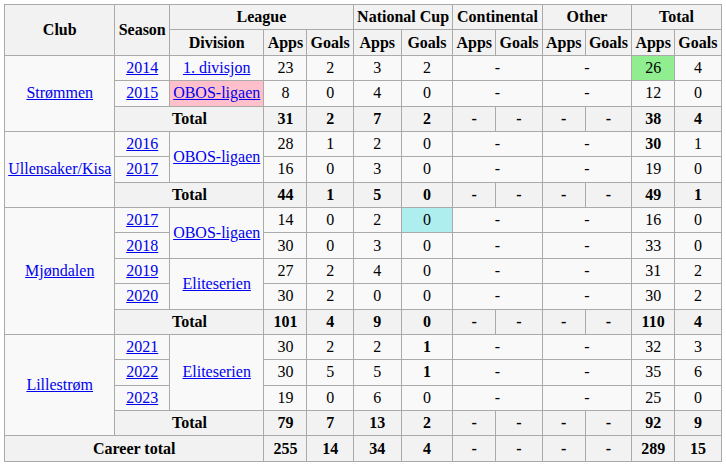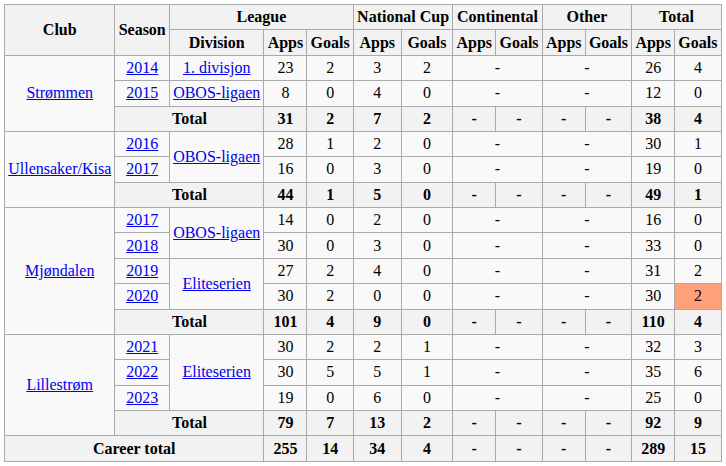 <table class="wikitable" style="text-align: center;">
 <tr>
 <th rowspan="2">Club</th>
 <th rowspan="2">Season</th>
 <th colspan="3">League</th>
 <th colspan="2">National Cup</th>
 <th colspan="2">Continental</th>
 <th colspan="2">Other</th>
 <th colspan="2">Total</th>
 </tr>
 <tr>
 <th>Division</th>
 <th>Apps</th>
 <th>Goals</th>
 <th>Apps</th>
 <th>Goals</th>
 <th>Apps</th>
 <th>Goals</th>
 <th>Apps</th>
 <th>Goals</th>
 <th>Apps</th>
 <th>Goals</th>
 </tr>
 <tr>
 <td rowspan="3"><a href='#'>Strømmen</a></td>
 <td><a href='#'>2014</a></td>
 <td rowspan="1"><a href='#'>1. divisjon</a></td>
 <td>23</td>
 <td>2</td>
 <td>3</td>
 <td>2</td>
 <td colspan="2">-</td>
 <td colspan="2">-</td>
-<td style="background: lightgreen;">26</td>
+<td>26</td>
 <td>4</td>
 </tr>
 <tr>
 <td><a href='#'>2015</a></td>
-<td rowspan="1" style="background: pink;"><a href='#'>OBOS-ligaen</a></td>
+<td rowspan="1"><a href='#'>OBOS-ligaen</a></td>
 <td>8</td>
 <td>0</td>
 <td>4</td>
 <td>0</td>
 <td colspan="2">-</td>
 <td colspan="2">-</td>
 <td>12</td>
 <td>0</td>
 </tr>
 <tr>
 <th colspan="2">Total</th>
 <th>31</th>
 <th>2</th>
 <th>7</th>
 <th>2</th>
 <th>-</th>
 <th>-</th>
 <th>-</th>
 <th>-</th>
 <th>38</th>
 <th>4</th>
 </tr>
 <tr>
 <td rowspan="3"><a href='#'>Ullensaker/Kisa</a></td>
 <td><a href='#'>2016</a></td>
 <td rowspan="2"><a href='#'>OBOS-ligaen</a></td>
 <td>28</td>
 <td>1</td>
 <td>2</td>
 <td>0</td>
 <td colspan="2">-</td>
 <td colspan="2">-</td>
-<td><strong>30</strong></td>
+<td>30</td>
 <td>1</td>
 </tr>
 <tr>
 <td><a href='#'>2017</a></td>
 <td>16</td>
 <td>0</td>
 <td>3</td>
 <td>0</td>
 <td colspan="2">-</td>
 <td colspan="2">-</td>
 <td>19</td>
 <td>0</td>
 </tr>
 <tr>
 <th colspan="2">Total</th>
 <th>44</th>
 <th>1</th>
 <th>5</th>
 <th>0</th>
 <th>-</th>
 <th>-</th>
 <th>-</th>
 <th>-</th>
 <th>49</th>
 <th>1</th>
 </tr>
 <tr>
 <td rowspan="5"><a href='#'>Mjøndalen</a></td>
 <td><a href='#'>2017</a></td>
 <td rowspan="2"><a href='#'>OBOS-ligaen</a></td>
 <td>14</td>
 <td>0</td>
 <td>2</td>
-<td style="background: paleturquoise;">0</td>
+<td>0</td>
 <td colspan="2">-</td>
 <td colspan="2">-</td>
 <td>16</td>
 <td>0</td>
 </tr>
 <tr>
 <td><a href='#'>2018</a></td>
 <td>30</td>
 <td>0</td>
 <td>3</td>
 <td>0</td>
 <td colspan="2">-</td>
 <td colspan="2">-</td>
 <td>33</td>
 <td>0</td>
 </tr>
 <tr>
 <td><a href='#'>2019</a></td>
 <td rowspan="2"><a href='#'>Eliteserien</a></td>
 <td>27</td>
 <td>2</td>
 <td>4</td>
 <td>0</td>
 <td colspan="2">-</td>
 <td colspan="2">-</td>
 <td>31</td>
 <td>2</td>
 </tr>
 <tr>
 <td><a href='#'>2020</a></td>
 <td>30</td>
 <td>2</td>
 <td>0</td>
 <td>0</td>
 <td colspan="2">-</td>
 <td colspan="2">-</td>
 <td>30</td>
-<td>2</td>
+<td style="background: lightsalmon;">2</td>
 </tr>
 <tr>
 <th colspan="2">Total</th>
 <th>101</th>
 <th>4</th>
 <th>9</th>
 <th>0</th>
 <th>-</th>
 <th>-</th>
 <th>-</th>
 <th>-</th>
 <th>110</th>
 <th>4</th>
 </tr>
 <tr>
 <td rowspan="4"><a href='#'>Lillestrøm</a></td>
 <td><a href='#'>2021</a></td>
 <td rowspan="3"><a href='#'>Eliteserien</a></td>
 <td>30</td>
 <td>2</td>
 <td>2</td>
-<td><strong>1</strong></td>
+<td>1</td>
 <td colspan="2">-</td>
 <td colspan="2">-</td>
 <td>32</td>
 <td>3</td>
 </tr>
 <tr>
 <td><a href='#'>2022</a></td>
 <td>30</td>
 <td>5</td>
 <td>5</td>
-<td><strong>1</strong></td>
+<td>1</td>
 <td colspan="2">-</td>
 <td colspan="2">-</td>
 <td>35</td>
 <td>6</td>
 </tr>
 <tr>
 <td><a href='#'>2023</a></td>
 <td>19</td>
 <td>0</td>
 <td>6</td>
 <td>0</td>
 <td colspan="2">-</td>
 <td colspan="2">-</td>
 <td>25</td>
 <td>0</td>
 </tr>
 <tr>
 <th colspan="2">Total</th>
 <th>79</th>
 <th>7</th>
 <th>13</th>
 <th>2</th>
 <th>-</th>
 <th>-</th>
 <th>-</th>
 <th>-</th>
 <th>92</th>
 <th>9</th>
 </tr>
 <tr>
 <th colspan="3">Career total</th>
 <th>255</th>
 <th>14</th>
 <th>34</th>
 <th>4</th>
 <th>-</th>
 <th>-</th>
 <th>-</th>
 <th>-</th>
 <th>289</th>
 <th>15</th>
 </tr>
 </table>
